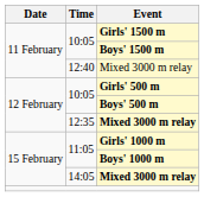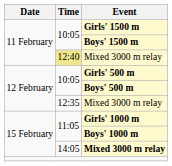 <table class=wikitable>
 <tr>
 <th>Date</th>
 <th>Time</th>
 <th>Event</th>
 </tr>
 <tr>
 <td rowspan=3>11 February</td>
 <td rowspan=2>10:05</td>
 <td style=background:lemonchiffon><strong>Girls' 1500 m</strong></td>
 </tr>
 <tr>
 <td style=background:lemonchiffon><strong>Boys' 1500 m</strong></td>
 </tr>
 <tr>
-<td>12:40</td>
+<td style="background: khaki;">12:40</td>
 <td style=background:lemonchiffon>Mixed 3000 m relay</td>
 </tr>
 <tr>
 <td rowspan=3>12 February</td>
 <td rowspan=2>10:05</td>
 <td style=background:lemonchiffon><strong>Girls' 500 m</strong></td>
 </tr>
 <tr>
 <td style=background:lemonchiffon><strong>Boys' 500 m</strong></td>
 </tr>
 <tr>
 <td>12:35</td>
-<td style=background:lemonchiffon><strong>Mixed 3000 m relay</strong></td>
+<td style=background:lemonchiffon>Mixed 3000 m relay</td>
 </tr>
 <tr>
 <td rowspan=3>15 February</td>
 <td rowspan=2>11:05</td>
 <td style=background:lemonchiffon><strong>Girls' 1000 m</strong></td>
 </tr>
 <tr>
 <td style=background:lemonchiffon><strong>Boys' 1000 m</strong></td>
 </tr>
 <tr>
 <td>14:05</td>
 <td style=background:lemonchiffon><strong>Mixed 3000 m relay</strong></td>
 </tr>
 <tr>
 <td colspan=3></td>
 </tr>
 </table>
